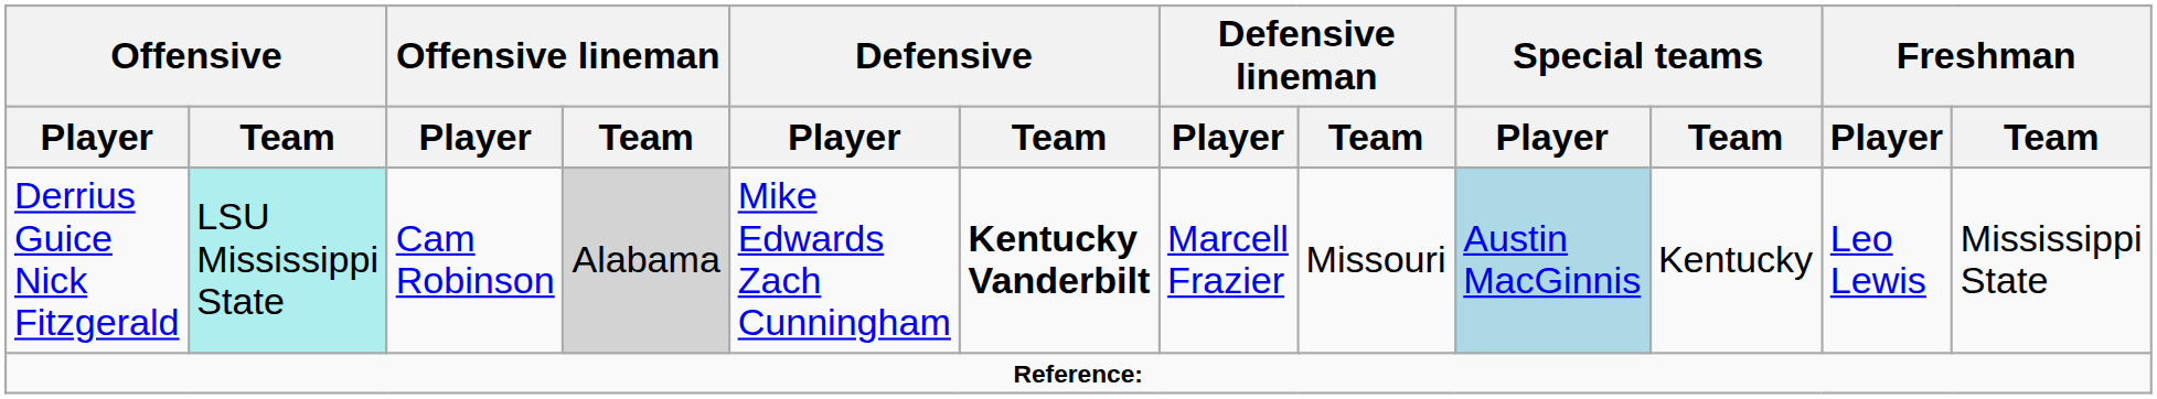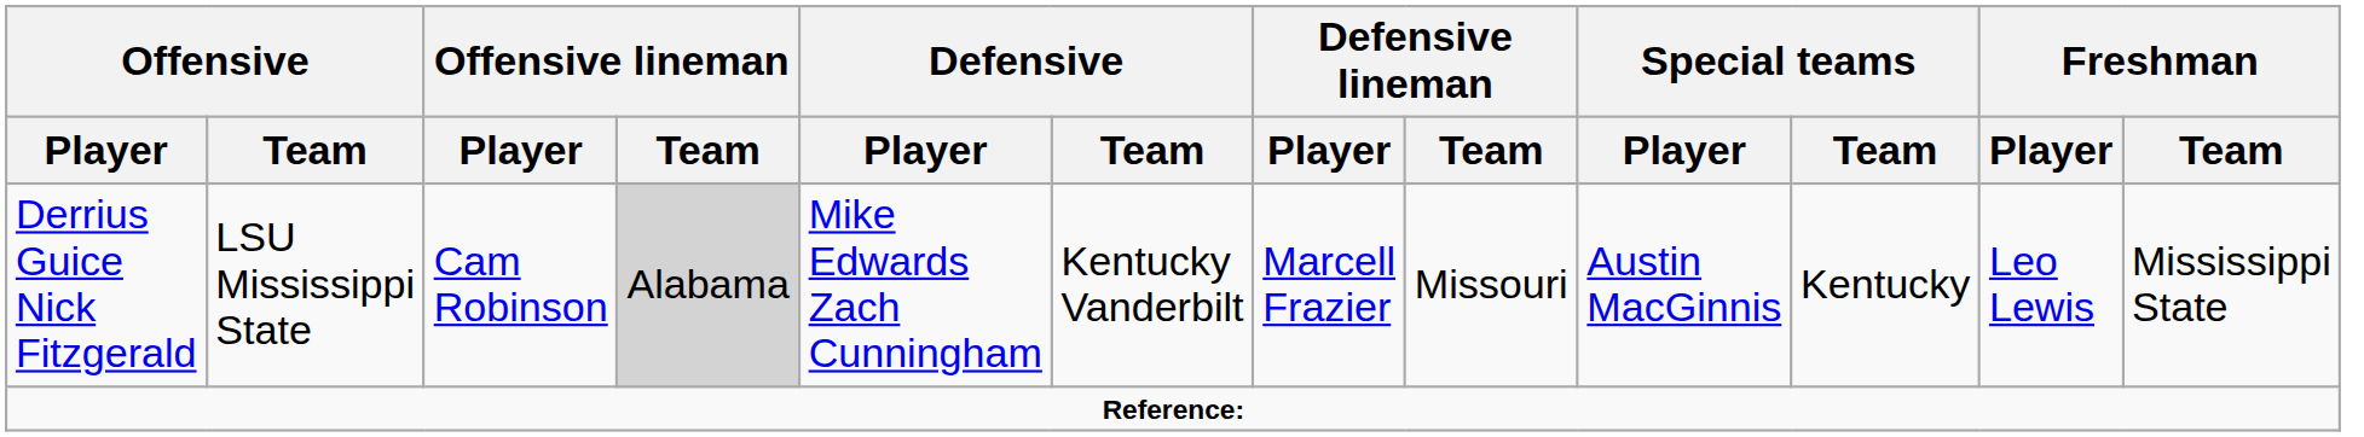 <table class="wikitable">
 <tr>
 <th colspan="2">Offensive</th>
 <th colspan="2">Offensive lineman</th>
 <th colspan="2">Defensive</th>
 <th colspan="2">Defensive lineman</th>
 <th colspan="2">Special teams</th>
 <th colspan="2">Freshman</th>
 </tr>
 <tr>
 <th>Player</th>
 <th>Team</th>
 <th>Player</th>
 <th>Team</th>
 <th>Player</th>
 <th>Team</th>
 <th>Player</th>
 <th>Team</th>
 <th>Player</th>
 <th>Team</th>
 <th>Player</th>
 <th>Team</th>
 </tr>
 <tr>
 <td><a href='#'>Derrius Guice</a><br><a href='#'>Nick Fitzgerald</a></td>
-<td style="background: paleturquoise;">LSU<br>Mississippi State</td>
+<td>LSU<br>Mississippi State</td>
 <td><a href='#'>Cam Robinson</a></td>
 <td style="background: lightgrey;">Alabama</td>
 <td><a href='#'>Mike Edwards</a><br><a href='#'>Zach Cunningham</a></td>
-<td><strong>Kentucky<br>Vanderbilt</strong></td>
+<td>Kentucky<br>Vanderbilt</td>
 <td><a href='#'>Marcell Frazier</a></td>
 <td>Missouri</td>
-<td style="background: lightblue;"><a href='#'>Austin MacGinnis</a></td>
+<td><a href='#'>Austin MacGinnis</a></td>
 <td>Kentucky</td>
 <td><a href='#'>Leo Lewis</a></td>
 <td>Mississippi State</td>
 </tr>
 <tr>
 <td colspan="12"  style="font-size:8pt; text-align:center;"><strong>Reference:</strong></td>
 </tr>
 </table>
